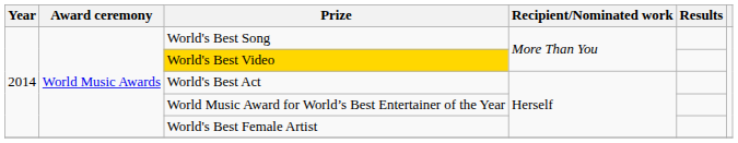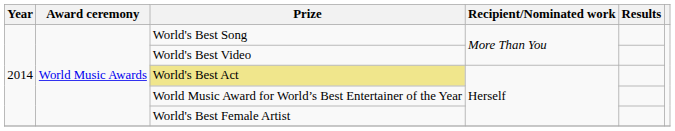 <table class="wikitable">
 <tr>
 <th>Year</th>
 <th>Award ceremony</th>
 <th>Prize</th>
 <th>Recipient/Nominated work</th>
 <th>Results</th>
 <th></th>
 </tr>
 <tr>
 <td rowspan="5">2014</td>
 <td rowspan="5"><a href='#'>World Music Awards</a></td>
 <td>World's Best Song</td>
 <td rowspan="2"><em>More Than You</em></td>
 <td></td>
 <td rowspan="5"></td>
 </tr>
 <tr>
-<td style="background: gold;">World's Best Video</td>
+<td>World's Best Video</td>
 <td></td>
 </tr>
 <tr>
-<td>World's Best Act</td>
+<td style="background: khaki;">World's Best Act</td>
 <td rowspan="3">Herself</td>
 <td></td>
 </tr>
 <tr>
 <td>World Music Award for World’s Best Entertainer of the Year</td>
 <td></td>
 </tr>
 <tr>
 <td>World's Best Female Artist</td>
 <td></td>
 </tr>
 <tr>
 </tr>
 </table>
